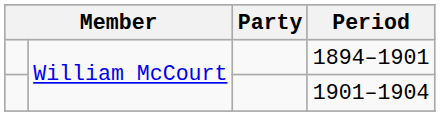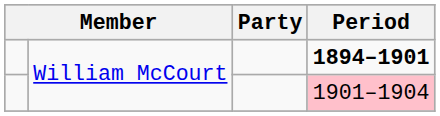 <table class="wikitable">
 <tr>
 <th colspan="2">Member</th>
 <th>Party</th>
 <th>Period</th>
 </tr>
 <tr>
 <td> </td>
 <td rowspan="2"><a href='#'>William McCourt</a></td>
 <td></td>
-<td>1894–1901</td>
+<td><strong>1894–1901</strong></td>
 </tr>
 <tr>
 <td> </td>
 <td></td>
-<td>1901–1904</td>
+<td style="background: pink;">1901–1904</td>
 </tr>
 </table>
